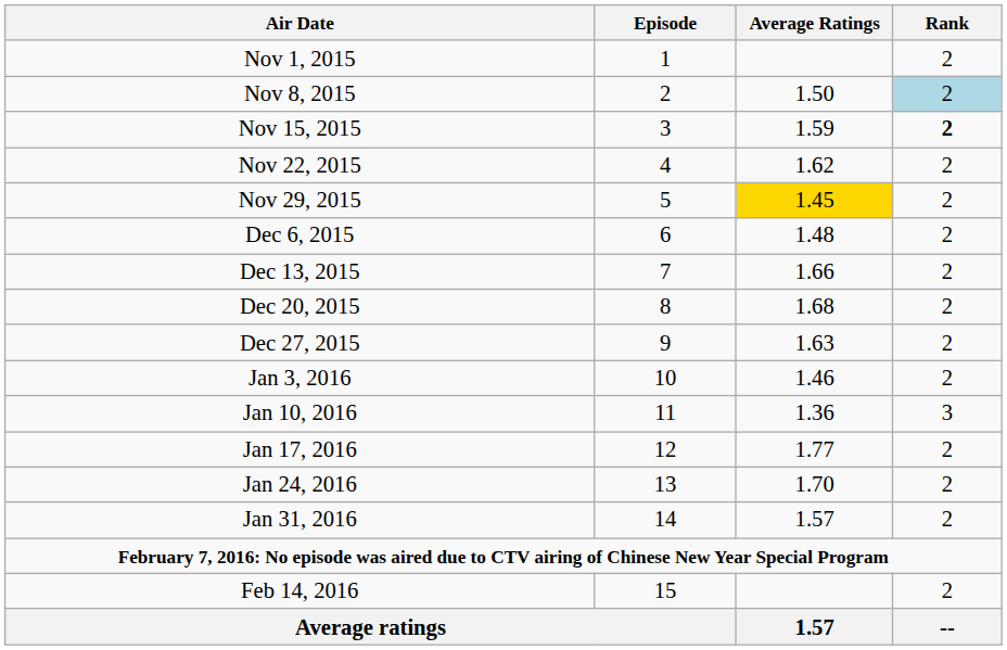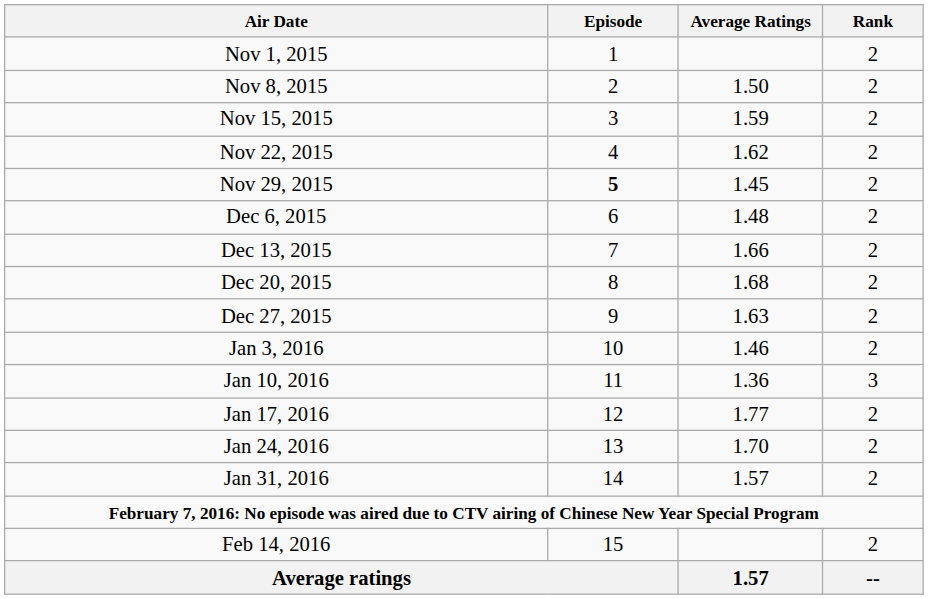 <table class="wikitable" style="text-align:center;width:45%;">
 <tr>
 <th width="25%"><small>Air Date</small></th>
 <th width="5%"><small>Episode</small></th>
 <th width="6%"><small>Average Ratings</small></th>
 <th width="4%"><small>Rank</small></th>
 </tr>
 <tr>
 <td>Nov 1, 2015</td>
 <td>1</td>
 <td><strong></strong></td>
 <td>2</td>
 </tr>
 <tr>
 <td>Nov 8, 2015</td>
 <td>2</td>
 <td>1.50</td>
-<td style="background: lightblue;">2</td>
+<td>2</td>
 </tr>
 <tr>
 <td>Nov 15, 2015</td>
 <td>3</td>
 <td>1.59</td>
-<td><strong>2</strong></td>
+<td>2</td>
 </tr>
 <tr>
 <td>Nov 22, 2015</td>
 <td>4</td>
 <td>1.62</td>
 <td>2</td>
 </tr>
 <tr>
 <td>Nov 29, 2015</td>
-<td>5</td>
-<td style="background: gold;">1.45</td>
+<td><strong>5</strong></td>
+<td>1.45</td>
 <td>2</td>
 </tr>
 <tr>
 <td>Dec 6, 2015</td>
 <td>6</td>
 <td>1.48</td>
 <td>2</td>
 </tr>
 <tr>
 <td>Dec 13, 2015</td>
 <td>7</td>
 <td>1.66</td>
 <td>2</td>
 </tr>
 <tr>
 <td>Dec 20, 2015</td>
 <td>8</td>
 <td>1.68</td>
 <td>2</td>
 </tr>
 <tr>
 <td>Dec 27, 2015</td>
 <td>9</td>
 <td>1.63</td>
 <td>2</td>
 </tr>
 <tr>
 <td>Jan 3, 2016</td>
 <td>10</td>
 <td>1.46</td>
 <td>2</td>
 </tr>
 <tr>
 <td>Jan 10, 2016</td>
 <td>11</td>
 <td>1.36</td>
 <td>3</td>
 </tr>
 <tr>
 <td>Jan 17, 2016</td>
 <td>12</td>
 <td>1.77</td>
 <td>2</td>
 </tr>
 <tr>
 <td>Jan 24, 2016</td>
 <td>13</td>
 <td>1.70</td>
 <td>2</td>
 </tr>
 <tr>
 <td>Jan 31, 2016</td>
 <td>14</td>
 <td>1.57</td>
 <td>2</td>
 </tr>
 <tr>
 <td colspan="4"><small><strong>February 7, 2016: No episode was aired due to CTV airing of Chinese New Year Special Program</strong></small></td>
 </tr>
 <tr>
 <td>Feb 14, 2016</td>
 <td>15</td>
 <td><strong></strong></td>
 <td>2</td>
 </tr>
 <tr>
 <th colspan="2"><strong>Average ratings</strong></th>
 <th><strong>1.57</strong></th>
 <th>--</th>
 </tr>
 </table>
